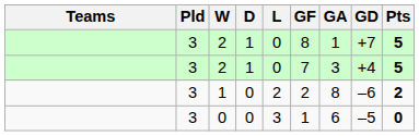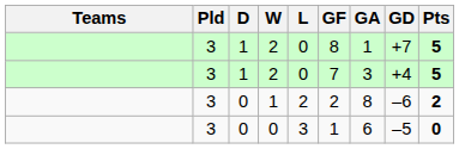 <table class="wikitable" style="text-align: center;">
 <tr>
 <th width=165>Teams</th>
 <th width=20>Pld</th>
+<th width=20>D</th>
 <th width=20>W</th>
-<th width=20>D</th>
 <th width=20>L</th>
 <th width=20>GF</th>
 <th width=20>GA</th>
 <th width=20>GD</th>
 <th width=20>Pts</th>
 </tr>
 <tr align=center style="background:#ccffcc;">
 <td style="text-align:left;"></td>
 <td>3</td>
+<td>1</td>
 <td>2</td>
-<td>1</td>
 <td>0</td>
 <td>8</td>
 <td>1</td>
 <td>+7</td>
 <td><strong>5</strong></td>
 </tr>
 <tr align=center style="background:#ccffcc;">
 <td style="text-align:left;"></td>
 <td>3</td>
+<td>1</td>
 <td>2</td>
-<td>1</td>
 <td>0</td>
 <td>7</td>
 <td>3</td>
 <td>+4</td>
 <td><strong>5</strong></td>
 </tr>
 <tr align=center>
 <td style="text-align:left;"></td>
 <td>3</td>
+<td>0</td>
 <td>1</td>
-<td>0</td>
 <td>2</td>
 <td>2</td>
 <td>8</td>
 <td>–6</td>
 <td><strong>2</strong></td>
 </tr>
 <tr align=center>
 <td style="text-align:left;"></td>
 <td>3</td>
 <td>0</td>
 <td>0</td>
 <td>3</td>
 <td>1</td>
 <td>6</td>
 <td>–5</td>
 <td><strong>0</strong></td>
 </tr>
 </table>
